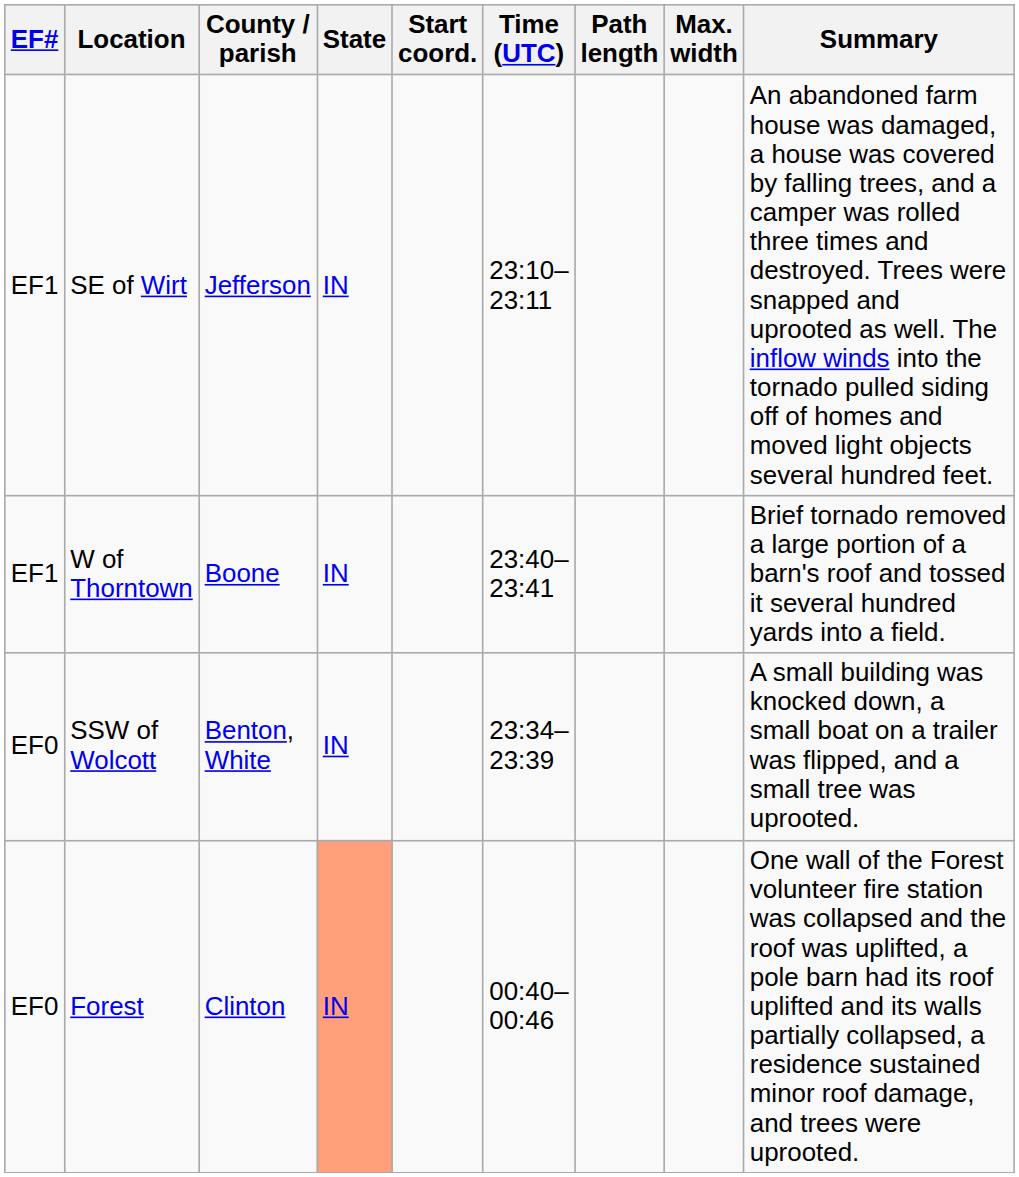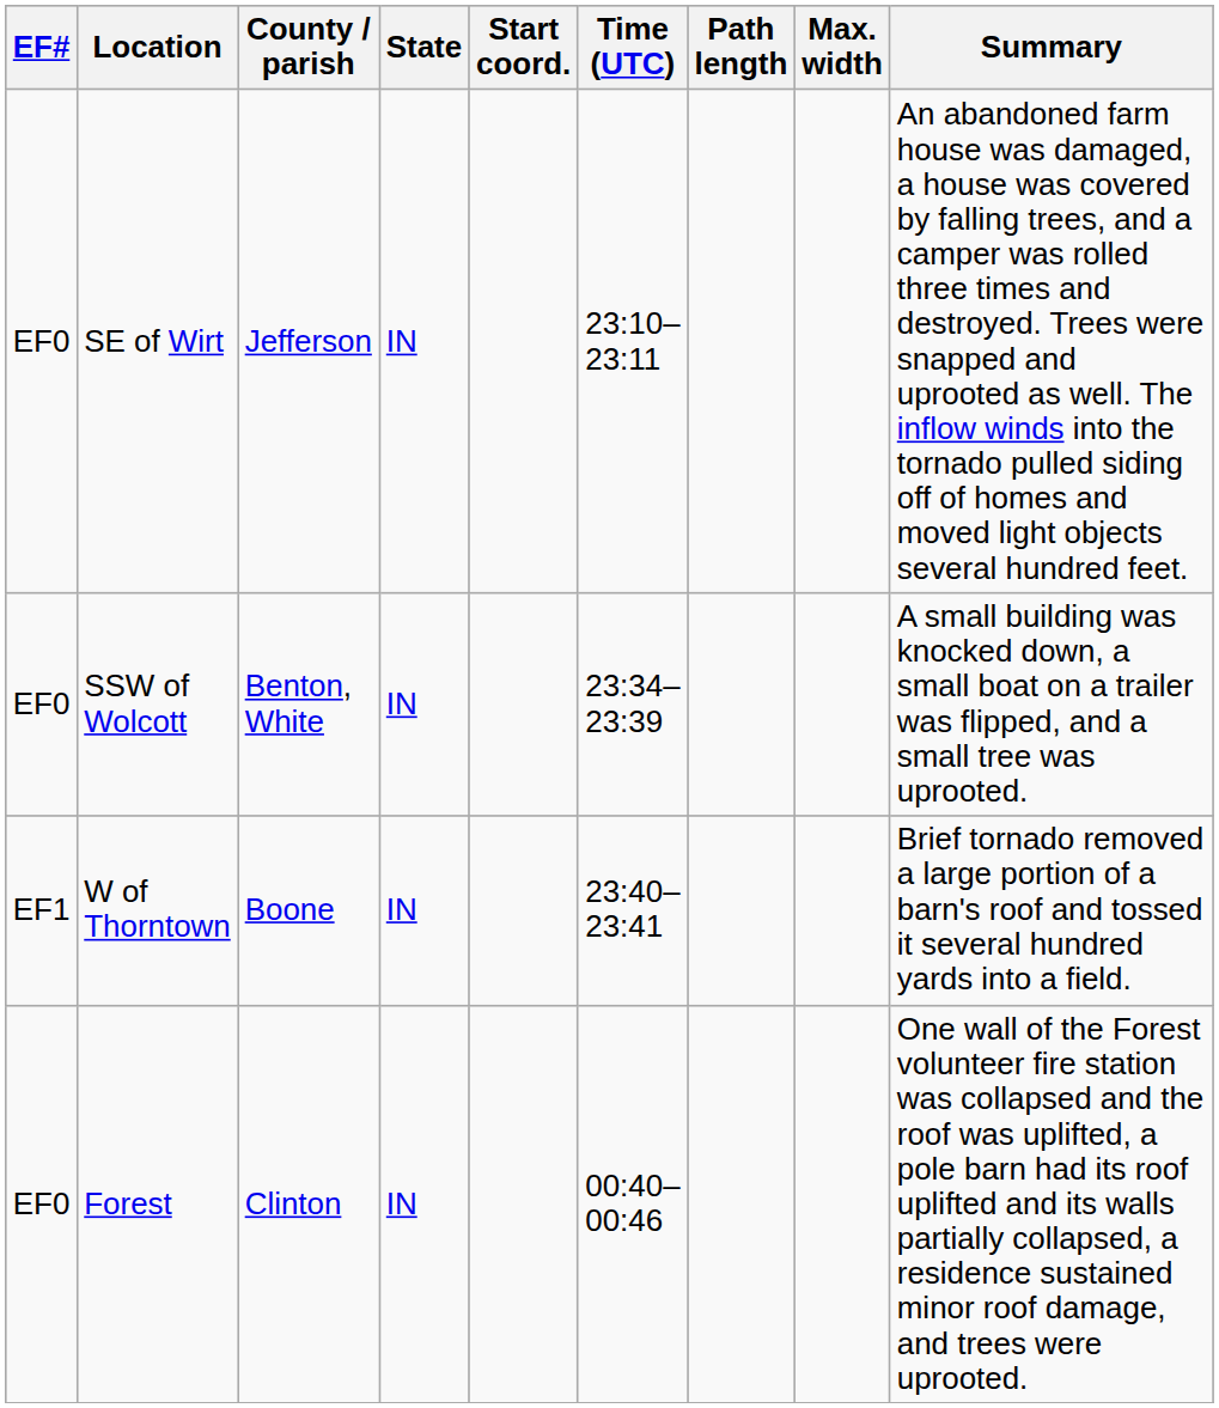 <table class="wikitable sortable" style="width:100%;">
 <tr>
 <th scope="col"  style="width:3%; text-align:center;"><a href='#'>EF#</a></th>
 <th scope="col"  style="width:7%; text-align:center;" class="unsortable">Location</th>
 <th scope="col"  style="width:6%; text-align:center;" class="unsortable">County / parish</th>
 <th scope="col"  style="width:5%; text-align:center;">State</th>
 <th scope="col"  style="width:6%; text-align:center;">Start coord.</th>
 <th scope="col"  style="width:6%; text-align:center;">Time (<a href='#'>UTC</a>)</th>
 <th scope="col"  style="width:6%; text-align:center;">Path length</th>
 <th scope="col"  style="width:6%; text-align:center;">Max. width</th>
 <th scope="col" class="unsortable" style="width:48%; text-align:center;">Summary</th>
 </tr>
 <tr>
-<td>EF1</td>
+<td>EF0</td>
 <td>SE of <a href='#'>Wirt</a></td>
 <td><a href='#'>Jefferson</a></td>
 <td><a href='#'>IN</a></td>
 <td></td>
 <td>23:10–23:11</td>
 <td></td>
 <td></td>
 <td>An abandoned farm house was damaged, a house was covered by falling trees, and a camper was rolled three times and destroyed. Trees were snapped and uprooted as well. The <a href='#'>inflow winds</a> into the tornado pulled siding off of homes and moved light objects several hundred feet.</td>
+</tr>
+<tr>
+<td>EF0</td>
+<td>SSW of <a href='#'>Wolcott</a></td>
+<td><a href='#'>Benton</a>, <a href='#'>White</a></td>
+<td><a href='#'>IN</a></td>
+<td></td>
+<td>23:34–23:39</td>
+<td></td>
+<td></td>
+<td>A small building was knocked down, a small boat on a trailer was flipped, and a small tree was uprooted.</td>
 </tr>
 <tr>
 <td>EF1</td>
 <td>W of <a href='#'>Thorntown</a></td>
 <td><a href='#'>Boone</a></td>
 <td><a href='#'>IN</a></td>
 <td></td>
 <td>23:40–23:41</td>
 <td></td>
 <td></td>
 <td>Brief tornado removed a large portion of a barn's roof and tossed it several hundred yards into a field.</td>
 </tr>
 <tr>
 <td>EF0</td>
-<td>SSW of <a href='#'>Wolcott</a></td>
-<td><a href='#'>Benton</a>, <a href='#'>White</a></td>
-<td><a href='#'>IN</a></td>
-<td></td>
-<td>23:34–23:39</td>
-<td></td>
-<td></td>
-<td>A small building was knocked down, a small boat on a trailer was flipped, and a small tree was uprooted.</td>
-</tr>
-<tr>
-<td>EF0</td>
 <td><a href='#'>Forest</a></td>
 <td><a href='#'>Clinton</a></td>
-<td style="background: lightsalmon;"><a href='#'>IN</a></td>
+<td><a href='#'>IN</a></td>
 <td></td>
 <td>00:40–00:46</td>
 <td></td>
 <td></td>
 <td>One wall of the Forest volunteer fire station was collapsed and the roof was uplifted, a pole barn had its roof uplifted and its walls partially collapsed, a residence sustained minor roof damage, and trees were uprooted.</td>
 </tr>
 <tr>
 </tr>
 </table>
